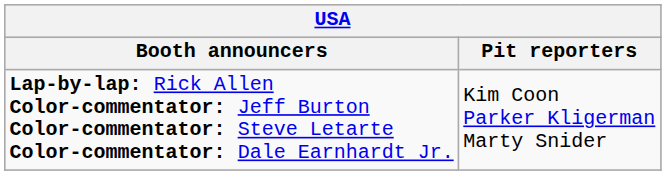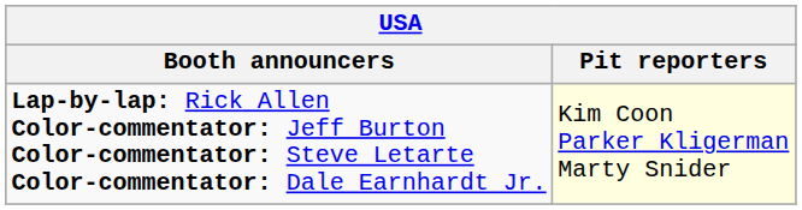 <table class="wikitable" style="font-size: 95%;">
 <tr>
 <th colspan="2"><a href='#'>USA</a></th>
 </tr>
 <tr>
 <th>Booth announcers</th>
 <th>Pit reporters</th>
 </tr>
 <tr>
 <td><strong>Lap-by-lap:</strong> <a href='#'>Rick Allen</a><br><strong>Color-commentator:</strong> <a href='#'>Jeff Burton</a><br><strong>Color-commentator:</strong> <a href='#'>Steve Letarte</a><br><strong>Color-commentator:</strong> <a href='#'>Dale Earnhardt Jr.</a></td>
-<td>Kim Coon<br><a href='#'>Parker Kligerman</a><br>Marty Snider</td>
+<td style="background: lightyellow;">Kim Coon<br><a href='#'>Parker Kligerman</a><br>Marty Snider</td>
 </tr>
 </table>
